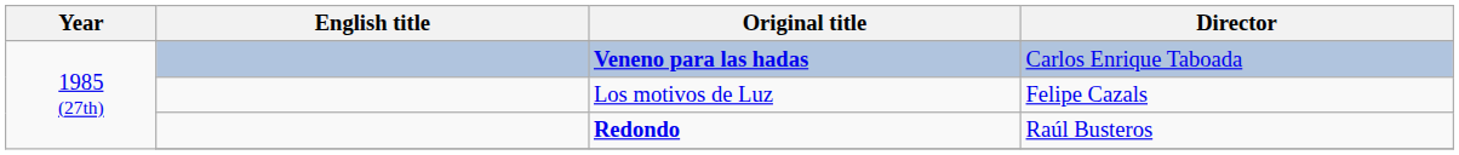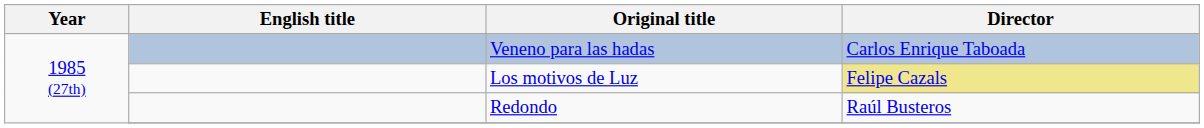 <table class="wikitable">
 <tr>
 <th width="100"><strong>Year</strong></th>
 <th width="300"><strong>English title</strong></th>
 <th width="300"><strong>Original title</strong></th>
 <th width="300"><strong>Director</strong></th>
 </tr>
 <tr>
 <td rowspan="6" style="text-align:center;"><a href='#'>1985</a><br><small><a href='#'>(27th)</a></small></td>
 </tr>
 <tr style="background:#B0C4DE;">
 <td></td>
-<td><strong><a href='#'>Veneno para las hadas</a></strong></td>
+<td><a href='#'>Veneno para las hadas</a></td>
 <td><a href='#'>Carlos Enrique Taboada</a></td>
 </tr>
 <tr>
 <td></td>
 <td><a href='#'>Los motivos de Luz</a></td>
-<td><a href='#'>Felipe Cazals</a></td>
+<td style="background: khaki;"><a href='#'>Felipe Cazals</a></td>
 </tr>
 <tr>
 <td></td>
-<td><strong><a href='#'>Redondo</a></strong></td>
+<td><a href='#'>Redondo</a></td>
 <td><a href='#'>Raúl Busteros</a></td>
 </tr>
 <tr>
 </tr>
 </table>
